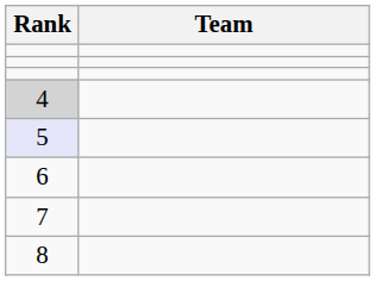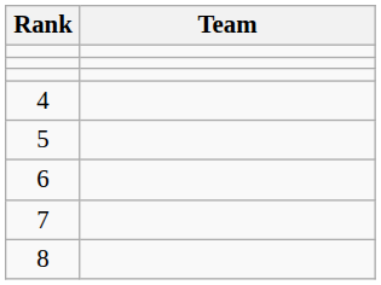 <table class="wikitable" style="text-align:center;">
 <tr>
 <th width=40>Rank</th>
 <th width=180>Team</th>
 </tr>
 <tr>
 <td></td>
 <td align=left></td>
 </tr>
 <tr Phi>
 <td></td>
 <td align=left></td>
 </tr>
 <tr>
 <td></td>
 <td align=left></td>
 </tr>
 <tr>
-<td style="background: lightgrey;">4</td>
+<td>4</td>
 <td align=left></td>
 </tr>
 <tr>
-<td style="background: lavender;">5</td>
+<td>5</td>
 <td align=left></td>
 </tr>
 <tr>
 <td>6</td>
 <td align=left></td>
 </tr>
 <tr>
 <td>7</td>
 <td align=left></td>
 </tr>
 <tr>
 <td>8</td>
 <td align=left></td>
 </tr>
 </table>
